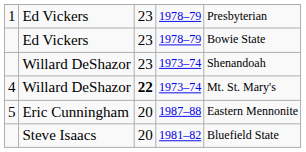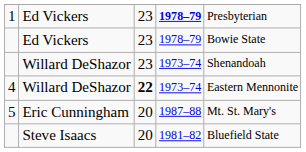 <table class="wikitable">
 <tr>
 </tr>
 <tr>
 <td>1</td>
 <td>Ed Vickers</td>
 <td>23</td>
-<td style="font-size:80%;"><a href='#'>1978–79</a></td>
+<td style="font-size:80%;"><strong><a href='#'>1978–79</a></strong></td>
 <td style="font-size:80%;">Presbyterian</td>
 </tr>
 <tr>
 <td></td>
 <td>Ed Vickers</td>
 <td>23</td>
 <td style="font-size:80%;"><a href='#'>1978–79</a></td>
 <td style="font-size:80%;">Bowie State</td>
 </tr>
 <tr>
 <td></td>
 <td>Willard DeShazor</td>
 <td>23</td>
 <td style="font-size:80%;"><a href='#'>1973–74</a></td>
 <td style="font-size:80%;">Shenandoah</td>
 </tr>
 <tr>
 <td>4</td>
 <td>Willard DeShazor</td>
 <td><strong>22</strong></td>
 <td style="font-size:80%;"><a href='#'>1973–74</a></td>
-<td style="font-size:80%;">Mt. St. Mary's</td>
+<td style="font-size:80%;">Eastern Mennonite</td>
 </tr>
 <tr>
 <td>5</td>
 <td>Eric Cunningham</td>
 <td>20</td>
 <td style="font-size:80%;"><a href='#'>1987–88</a></td>
-<td style="font-size:80%;">Eastern Mennonite</td>
+<td style="font-size:80%;">Mt. St. Mary's</td>
 </tr>
 <tr>
 <td></td>
 <td>Steve Isaacs</td>
 <td>20</td>
 <td style="font-size:80%;"><a href='#'>1981–82</a></td>
 <td style="font-size:80%;">Bluefield State</td>
 </tr>
 </table>
